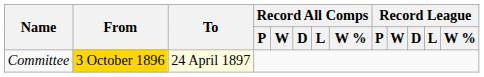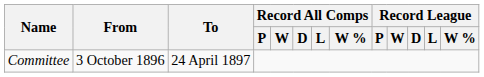 <table style="text-align: center" class="wikitable">
 <tr>
 <th rowspan="2">Name</th>
 <th rowspan="2">From</th>
 <th rowspan="2">To</th>
 <th colspan="5">Record All Comps</th>
 <th colspan="5">Record League</th>
 </tr>
 <tr>
 <th>P</th>
 <th>W</th>
 <th>D</th>
 <th>L</th>
 <th>W %</th>
 <th>P</th>
 <th>W</th>
 <th>D</th>
 <th>L</th>
 <th>W %</th>
 </tr>
 <tr>
 <td style="text-align:left;"><em>Committee</em></td>
-<td style="background: gold; text-align:left;">3 October 1896</td>
-<td style="background: lightyellow; text-align:left;">24 April 1897<br> </td>
+<td style="text-align:left;">3 October 1896</td>
+<td style="text-align:left;">24 April 1897<br> </td>
 </tr>
 </table>
